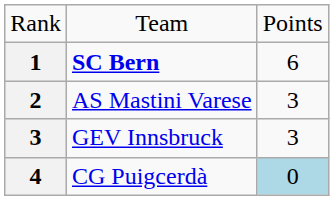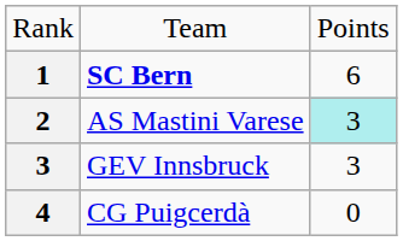 <table class="wikitable" style="text-align: center;">
 <tr>
 <td>Rank</td>
 <td>Team</td>
 <td>Points</td>
 </tr>
 <tr>
 <th>1</th>
 <td style="text-align: left;"> <strong><a href='#'>SC Bern</a></strong></td>
 <td>6</td>
 </tr>
 <tr>
 <th>2</th>
 <td style="text-align: left;"> <a href='#'>AS Mastini Varese</a></td>
-<td>3</td>
+<td style="background: paleturquoise;">3</td>
 </tr>
 <tr>
 <th>3</th>
 <td style="text-align: left;"> <a href='#'>GEV Innsbruck</a></td>
 <td>3</td>
 </tr>
 <tr>
 <th>4</th>
 <td style="text-align: left;"> <a href='#'>CG Puigcerdà</a></td>
-<td style="background: lightblue;">0</td>
+<td>0</td>
 </tr>
 </table>
